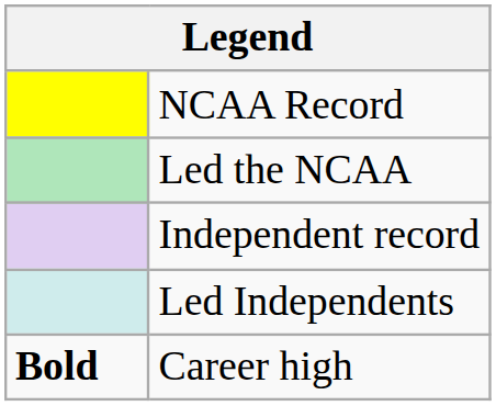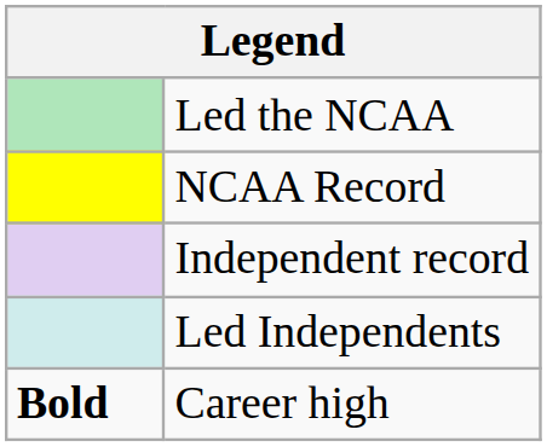 <table class="wikitable">
 <tr>
 <th colspan="2">Legend</th>
 </tr>
 <tr>
+<td style="background:#afe6ba; width:3em;"></td>
+<td>Led the NCAA</td>
+</tr>
+<tr>
 <td style="background:#ff0; width:3em;"></td>
 <td>NCAA Record</td>
-</tr>
-<tr>
-<td style="background:#afe6ba; width:3em;"></td>
-<td>Led the NCAA</td>
 </tr>
 <tr>
 <td style="background:#e0cef2; width:3em;"></td>
 <td>Independent record</td>
 </tr>
 <tr>
 <td style="background:#cfecec; width:3em;"></td>
 <td>Led Independents</td>
 </tr>
 <tr>
 <td><strong>Bold</strong></td>
 <td>Career high</td>
 </tr>
 </table>
